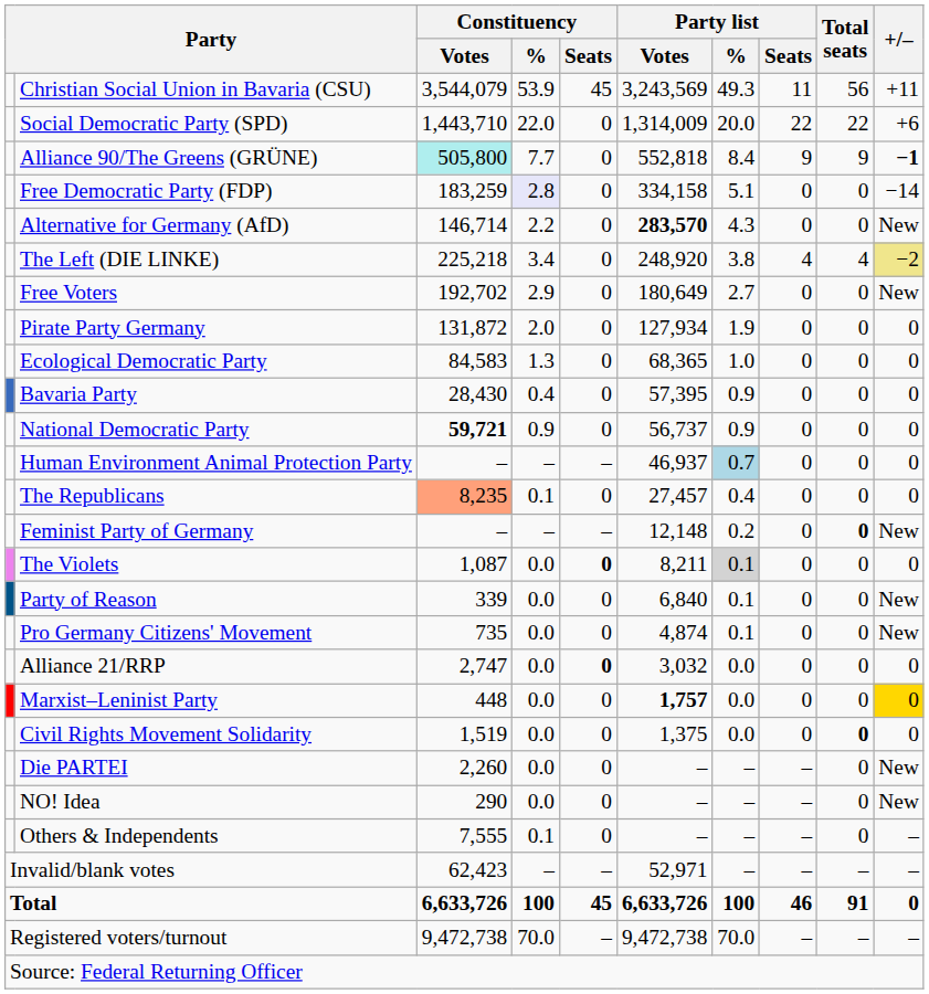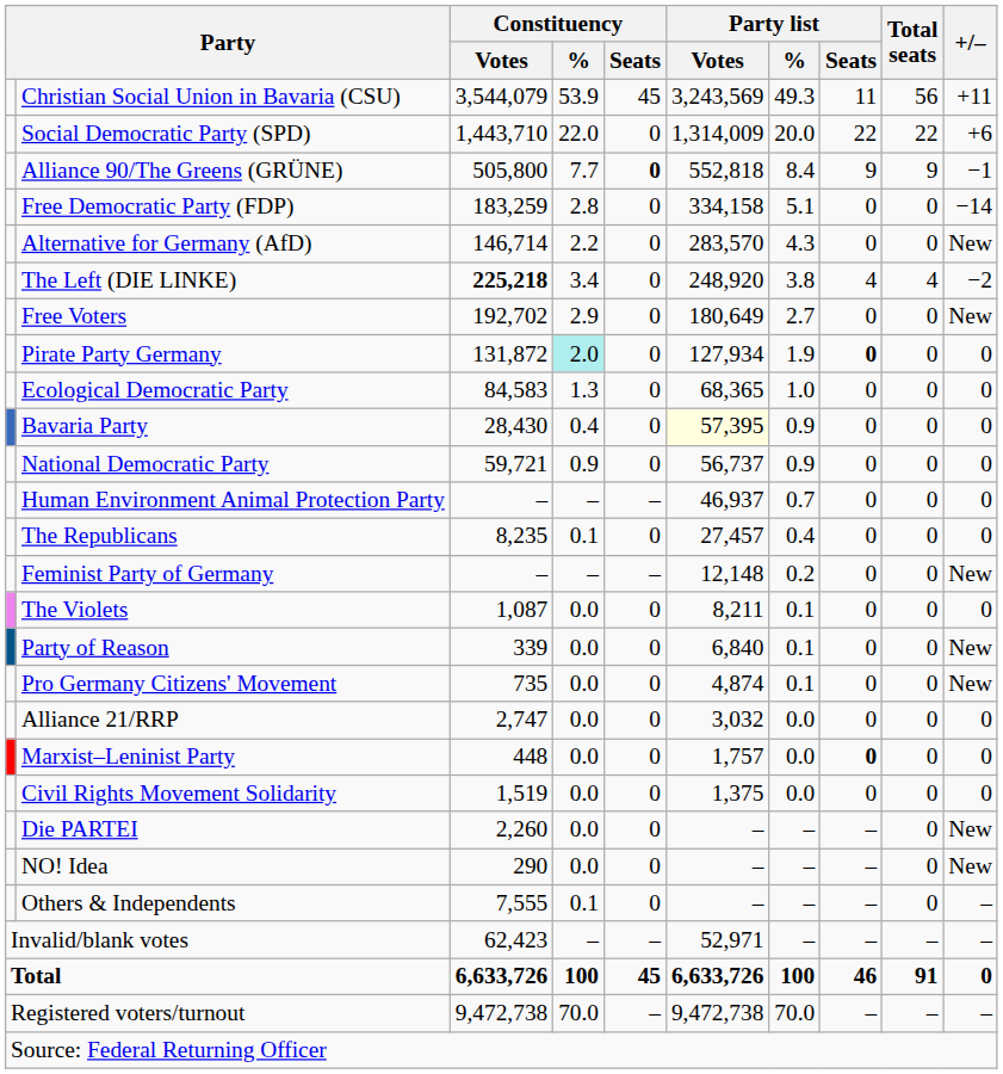 <table class="wikitable" style="text-align:right">
 <tr>
 <th colspan="2" rowspan="2">Party</th>
 <th colspan="3">Constituency</th>
 <th colspan="3">Party list</th>
 <th rowspan="2">Total<br>seats</th>
 <th rowspan="2">+/–</th>
 </tr>
 <tr>
 <th>Votes</th>
 <th>%</th>
 <th>Seats</th>
 <th>Votes</th>
 <th>%</th>
 <th>Seats</th>
 </tr>
 <tr>
 <td></td>
 <td align="left"><a href='#'>Christian Social Union in Bavaria</a> (CSU)</td>
 <td>3,544,079</td>
 <td>53.9</td>
 <td>45</td>
 <td>3,243,569</td>
 <td>49.3</td>
 <td>11</td>
 <td>56</td>
 <td>+11</td>
 </tr>
 <tr>
 <td></td>
 <td align="left"><a href='#'>Social Democratic Party</a> (SPD)</td>
 <td>1,443,710</td>
 <td>22.0</td>
 <td>0</td>
 <td>1,314,009</td>
 <td>20.0</td>
 <td>22</td>
 <td>22</td>
 <td>+6</td>
 </tr>
 <tr>
 <td></td>
 <td align="left"><a href='#'>Alliance 90/The Greens</a> (GRÜNE)</td>
-<td style="background: paleturquoise;">505,800</td>
+<td>505,800</td>
 <td>7.7</td>
-<td>0</td>
+<td><strong>0</strong></td>
 <td>552,818</td>
 <td>8.4</td>
 <td>9</td>
 <td>9</td>
-<td><strong>−1</strong></td>
+<td>−1</td>
 </tr>
 <tr>
 <td></td>
 <td align="left"><a href='#'>Free Democratic Party</a> (FDP)</td>
 <td>183,259</td>
-<td style="background: lavender;">2.8</td>
+<td>2.8</td>
 <td>0</td>
 <td>334,158</td>
 <td>5.1</td>
 <td>0</td>
 <td>0</td>
 <td>−14</td>
 </tr>
 <tr>
 <td></td>
 <td align="left"><a href='#'>Alternative for Germany</a> (AfD)</td>
 <td>146,714</td>
 <td>2.2</td>
 <td>0</td>
-<td><strong>283,570</strong></td>
+<td>283,570</td>
 <td>4.3</td>
 <td>0</td>
 <td>0</td>
 <td>New</td>
 </tr>
 <tr>
 <td></td>
 <td align="left"><a href='#'>The Left</a> (DIE LINKE)</td>
-<td>225,218</td>
+<td><strong>225,218</strong></td>
 <td>3.4</td>
 <td>0</td>
 <td>248,920</td>
 <td>3.8</td>
 <td>4</td>
 <td>4</td>
-<td style="background: khaki;">−2</td>
+<td>−2</td>
 </tr>
 <tr>
 <td style="background-color:"></td>
 <td align="left"><a href='#'>Free Voters</a></td>
 <td>192,702</td>
 <td>2.9</td>
 <td>0</td>
 <td>180,649</td>
 <td>2.7</td>
 <td>0</td>
 <td>0</td>
 <td>New</td>
 </tr>
 <tr>
 <td style="background-color:"></td>
 <td align="left"><a href='#'>Pirate Party Germany</a></td>
 <td>131,872</td>
-<td>2.0</td>
+<td style="background: paleturquoise;">2.0</td>
 <td>0</td>
 <td>127,934</td>
 <td>1.9</td>
-<td>0</td>
+<td><strong>0</strong></td>
 <td>0</td>
 <td>0</td>
 </tr>
 <tr>
 <td style="background-color:"></td>
 <td align="left"><a href='#'>Ecological Democratic Party</a></td>
 <td>84,583</td>
 <td>1.3</td>
 <td>0</td>
 <td>68,365</td>
 <td>1.0</td>
 <td>0</td>
 <td>0</td>
 <td>0</td>
 </tr>
 <tr>
 <td style="background-color:#386ABC;"></td>
 <td align="left"><a href='#'>Bavaria Party</a></td>
 <td>28,430</td>
 <td>0.4</td>
 <td>0</td>
-<td>57,395</td>
+<td style="background: lightyellow;">57,395</td>
 <td>0.9</td>
 <td>0</td>
 <td>0</td>
 <td>0</td>
 </tr>
 <tr>
 <td style="background-color:"></td>
 <td align="left"><a href='#'>National Democratic Party</a></td>
-<td><strong>59,721</strong></td>
+<td>59,721</td>
 <td>0.9</td>
 <td>0</td>
 <td>56,737</td>
 <td>0.9</td>
 <td>0</td>
 <td>0</td>
 <td>0</td>
 </tr>
 <tr>
 <td style="background-color:"></td>
 <td align="left"><a href='#'>Human Environment Animal Protection Party</a></td>
 <td>–</td>
 <td>–</td>
 <td>–</td>
 <td>46,937</td>
-<td style="background: lightblue;">0.7</td>
+<td>0.7</td>
 <td>0</td>
 <td>0</td>
 <td>0</td>
 </tr>
 <tr>
 <td style="background-color:"></td>
 <td align="left"><a href='#'>The Republicans</a></td>
-<td style="background: lightsalmon;">8,235</td>
+<td>8,235</td>
 <td>0.1</td>
 <td>0</td>
 <td>27,457</td>
 <td>0.4</td>
 <td>0</td>
 <td>0</td>
 <td>0</td>
 </tr>
 <tr>
 <td></td>
 <td align="left"><a href='#'>Feminist Party of Germany</a></td>
 <td>–</td>
 <td>–</td>
 <td>–</td>
 <td>12,148</td>
 <td>0.2</td>
 <td>0</td>
-<td><strong>0</strong></td>
+<td>0</td>
 <td>New</td>
 </tr>
 <tr>
 <td style="background-color:#EE82EE"></td>
 <td align="left"><a href='#'>The Violets</a></td>
 <td>1,087</td>
 <td>0.0</td>
-<td><strong>0</strong></td>
+<td>0</td>
 <td>8,211</td>
-<td style="background: lightgrey;">0.1</td>
+<td>0.1</td>
 <td>0</td>
 <td>0</td>
 <td>0</td>
 </tr>
 <tr>
 <td style="background-color:#005488"></td>
 <td align="left"><a href='#'>Party of Reason</a></td>
 <td>339</td>
 <td>0.0</td>
 <td>0</td>
 <td>6,840</td>
 <td>0.1</td>
 <td>0</td>
 <td>0</td>
 <td>New</td>
 </tr>
 <tr>
 <td></td>
 <td align="left"><a href='#'>Pro Germany Citizens' Movement</a></td>
 <td>735</td>
 <td>0.0</td>
 <td>0</td>
 <td>4,874</td>
 <td>0.1</td>
 <td>0</td>
 <td>0</td>
 <td>New</td>
 </tr>
 <tr>
 <td></td>
 <td align="left">Alliance 21/RRP</td>
 <td>2,747</td>
 <td>0.0</td>
-<td><strong>0</strong></td>
+<td>0</td>
 <td>3,032</td>
 <td>0.0</td>
 <td>0</td>
 <td>0</td>
 <td>0</td>
 </tr>
 <tr>
 <td style="background-color:red"></td>
 <td align="left"><a href='#'>Marxist–Leninist Party</a></td>
 <td>448</td>
 <td>0.0</td>
 <td>0</td>
-<td><strong>1,757</strong></td>
+<td>1,757</td>
 <td>0.0</td>
+<td><strong>0</strong></td>
 <td>0</td>
 <td>0</td>
-<td style="background: gold;">0</td>
 </tr>
 <tr>
 <td></td>
 <td align="left"><a href='#'>Civil Rights Movement Solidarity</a></td>
 <td>1,519</td>
 <td>0.0</td>
 <td>0</td>
 <td>1,375</td>
 <td>0.0</td>
 <td>0</td>
-<td><strong>0</strong></td>
+<td>0</td>
 <td>0</td>
 </tr>
 <tr>
 <td style="background-color:"></td>
 <td align="left"><a href='#'>Die PARTEI</a></td>
 <td>2,260</td>
 <td>0.0</td>
 <td>0</td>
 <td>–</td>
 <td>–</td>
 <td>–</td>
 <td>0</td>
 <td>New</td>
 </tr>
 <tr>
 <td></td>
 <td align="left">NO! Idea</td>
 <td>290</td>
 <td>0.0</td>
 <td>0</td>
 <td>–</td>
 <td>–</td>
 <td>–</td>
 <td>0</td>
 <td>New</td>
 </tr>
 <tr>
 <td></td>
 <td align="left">Others & Independents</td>
 <td>7,555</td>
 <td>0.1</td>
 <td>0</td>
 <td>–</td>
 <td>–</td>
 <td>–</td>
 <td>0</td>
 <td>–</td>
 </tr>
 <tr>
 <td colspan="2" align="left">Invalid/blank votes</td>
 <td>62,423</td>
 <td>–</td>
 <td>–</td>
 <td>52,971</td>
 <td>–</td>
 <td>–</td>
 <td>–</td>
 <td>–</td>
 </tr>
 <tr>
 <td colspan="2" align="left"><strong>Total</strong></td>
 <td><strong>6,633,726</strong></td>
 <td><strong>100</strong></td>
 <td><strong>45</strong></td>
 <td><strong>6,633,726</strong></td>
 <td><strong>100</strong></td>
 <td><strong>46</strong></td>
 <td><strong>91</strong></td>
 <td><strong>0</strong></td>
 </tr>
 <tr>
 <td colspan="2" align="left">Registered voters/turnout</td>
 <td>9,472,738</td>
 <td>70.0</td>
 <td>–</td>
 <td>9,472,738</td>
 <td>70.0</td>
 <td>–</td>
 <td>–</td>
 <td>–</td>
 </tr>
 <tr>
 <td colspan="10" align="left">Source: <a href='#'>Federal Returning Officer</a></td>
 </tr>
 </table>
